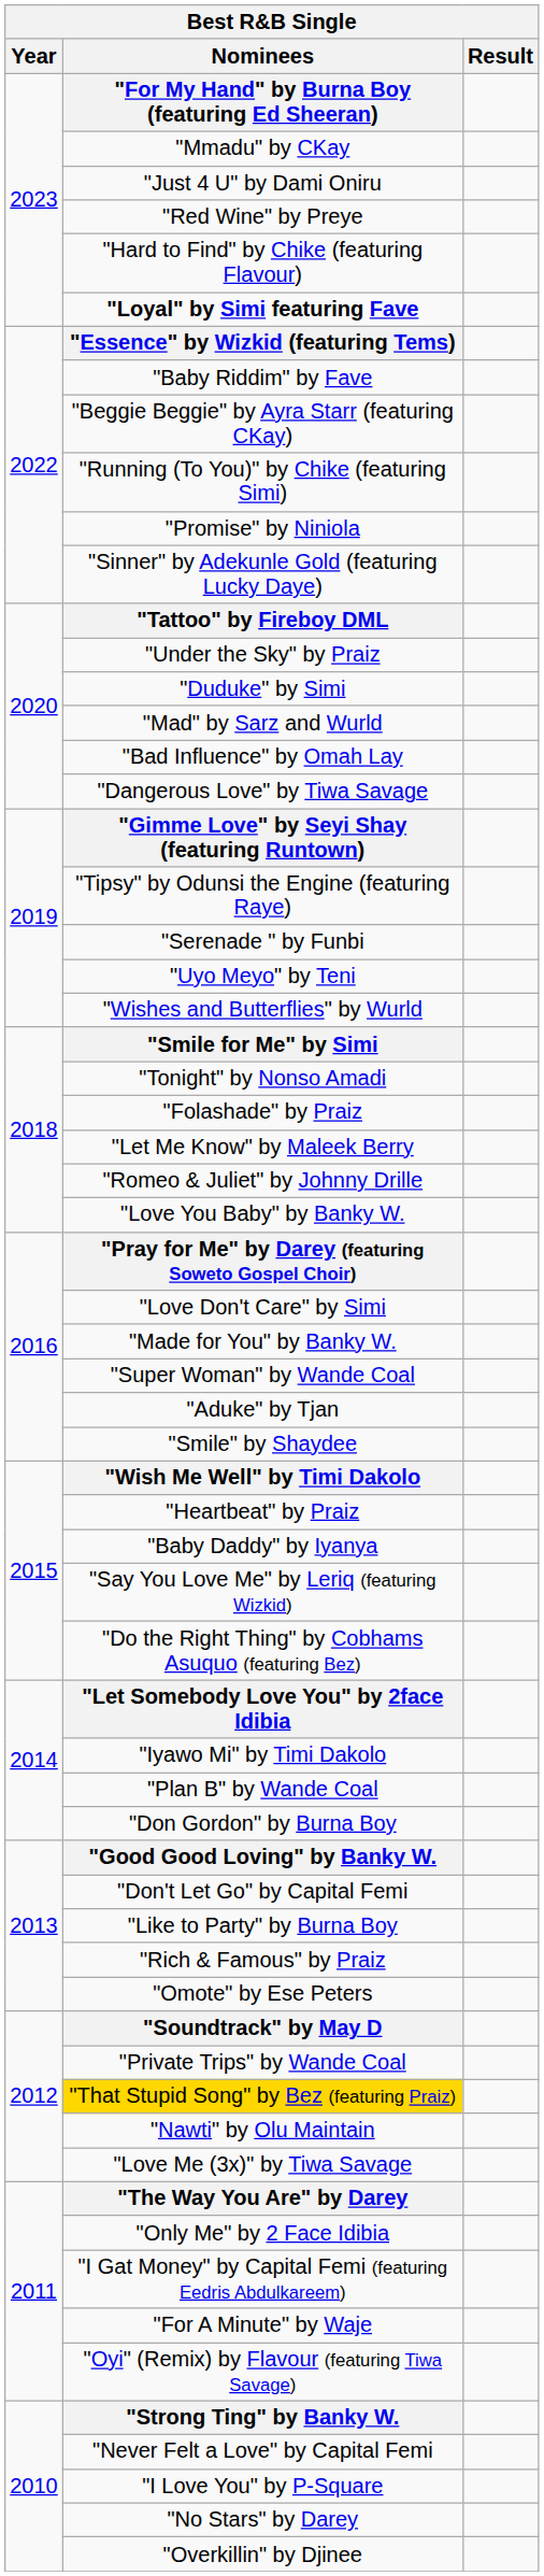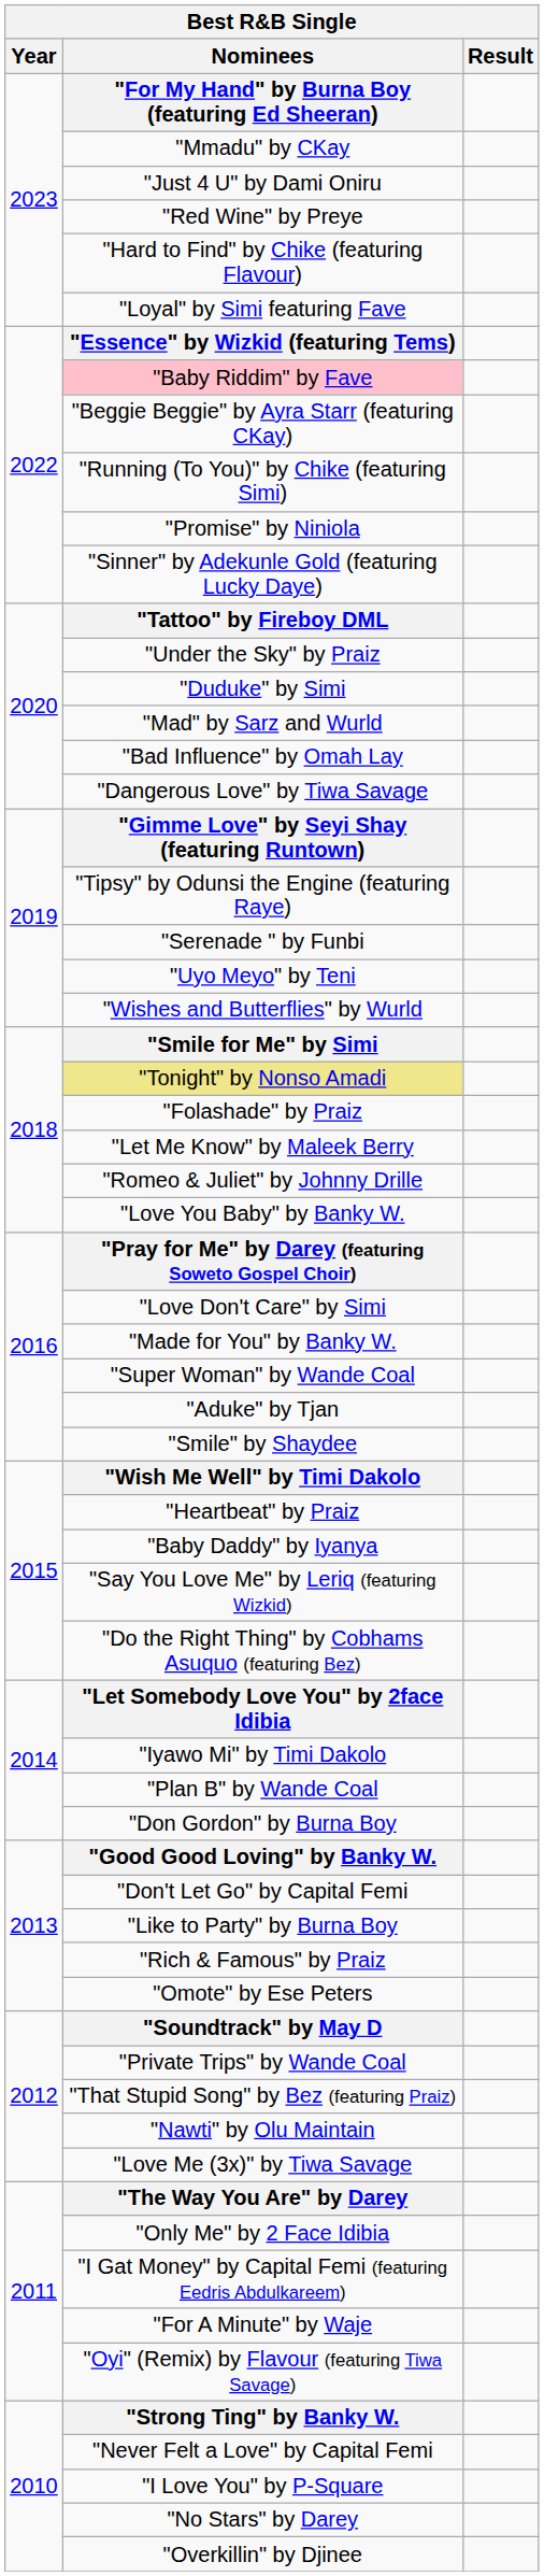 <table class="wikitable"  style="text-align:center; width:45%;">
 <tr>
 <th colspan="4">Best R&B Single</th>
 </tr>
 <tr>
 <th>Year</th>
 <th>Nominees</th>
 <th>Result</th>
 </tr>
 <tr>
 <td rowspan="6"><a href='#'>2023</a></td>
 <th>"<a href='#'>For My Hand</a>" by <a href='#'>Burna Boy</a> <span>(featuring <a href='#'>Ed Sheeran</a>)</span></th>
 <td></td>
 </tr>
 <tr>
 <td>"Mmadu" by <a href='#'>CKay</a></td>
 <td></td>
 </tr>
 <tr>
 <td>"Just 4 U" by Dami Oniru</td>
 <td></td>
 </tr>
 <tr>
 <td>"Red Wine" by Preye</td>
 <td></td>
 </tr>
 <tr>
 <td>"Hard to Find" by <a href='#'>Chike</a> <span>(featuring <a href='#'>Flavour</a>)</span></td>
 <td></td>
 </tr>
 <tr>
-<td><strong>"Loyal" by <a href='#'>Simi</a> featuring <a href='#'>Fave</a></strong></td>
+<td>"Loyal" by <a href='#'>Simi</a> featuring <a href='#'>Fave</a></td>
 <td></td>
 </tr>
 <tr>
 <td rowspan="6"><a href='#'>2022</a></td>
 <th>"<a href='#'>Essence</a>" by <a href='#'>Wizkid</a> <span>(featuring <a href='#'>Tems</a>)</span></th>
 <td></td>
 </tr>
 <tr>
-<td>"Baby Riddim" by <a href='#'>Fave</a></td>
+<td style="background: pink;">"Baby Riddim" by <a href='#'>Fave</a></td>
 <td></td>
 </tr>
 <tr>
 <td>"Beggie Beggie" by <a href='#'>Ayra Starr</a> <span>(featuring <a href='#'>CKay</a>)</span></td>
 <td></td>
 </tr>
 <tr>
 <td>"Running (To You)" by <a href='#'>Chike</a> <span>(featuring <a href='#'>Simi</a>)</span></td>
 <td></td>
 </tr>
 <tr>
 <td>"Promise" by <a href='#'>Niniola</a></td>
 <td></td>
 </tr>
 <tr>
 <td>"Sinner" by <a href='#'>Adekunle Gold</a> <span>(featuring <a href='#'>Lucky Daye</a>)</span></td>
 <td></td>
 </tr>
 <tr>
 <td rowspan="6"><a href='#'>2020</a></td>
 <th>"Tattoo" by <a href='#'>Fireboy DML</a></th>
 <td></td>
 </tr>
 <tr>
 <td>"Under the Sky" by <a href='#'>Praiz</a></td>
 <td></td>
 </tr>
 <tr>
 <td>"<a href='#'>Duduke</a>" by <a href='#'>Simi</a></td>
 <td></td>
 </tr>
 <tr>
 <td>"Mad" by <a href='#'>Sarz</a> and <a href='#'>Wurld</a></td>
 <td></td>
 </tr>
 <tr>
 <td>"Bad Influence" by <a href='#'>Omah Lay</a></td>
 <td></td>
 </tr>
 <tr>
 <td>"Dangerous Love" by <a href='#'>Tiwa Savage</a></td>
 <td></td>
 </tr>
 <tr>
 <td rowspan="5"><a href='#'>2019</a></td>
 <th>"<a href='#'>Gimme Love</a>" by <a href='#'>Seyi Shay</a> <span>(featuring <a href='#'>Runtown</a>)</span></th>
 <td></td>
 </tr>
 <tr>
 <td>"Tipsy" by Odunsi the Engine <span>(featuring <a href='#'>Raye</a>)</span></td>
 <td></td>
 </tr>
 <tr>
 <td>"Serenade " by Funbi</td>
 <td></td>
 </tr>
 <tr>
 <td>"<a href='#'>Uyo Meyo</a>" by <a href='#'>Teni</a></td>
 <td></td>
 </tr>
 <tr>
 <td>"<a href='#'>Wishes and Butterflies</a>" by <a href='#'>Wurld</a></td>
 <td></td>
 </tr>
 <tr>
 <td rowspan="6"><a href='#'>2018</a></td>
 <th>"Smile for Me" by <a href='#'>Simi</a></th>
 <td></td>
 </tr>
 <tr>
-<td>"Tonight" by <a href='#'>Nonso Amadi</a></td>
+<td style="background: khaki;">"Tonight" by <a href='#'>Nonso Amadi</a></td>
 <td></td>
 </tr>
 <tr>
 <td>"Folashade" by <a href='#'>Praiz</a></td>
 <td></td>
 </tr>
 <tr>
 <td>"Let Me Know" by <a href='#'>Maleek Berry</a></td>
 <td></td>
 </tr>
 <tr>
 <td>"Romeo & Juliet" by <a href='#'>Johnny Drille</a></td>
 <td></td>
 </tr>
 <tr>
 <td>"Love You Baby" by <a href='#'>Banky W.</a></td>
 <td></td>
 </tr>
 <tr>
 <td rowspan="6"><a href='#'>2016</a></td>
 <th>"Pray for Me" by <a href='#'>Darey</a> <small>(featuring <a href='#'>Soweto Gospel Choir</a>)</small></th>
 <td></td>
 </tr>
 <tr>
 <td>"Love Don't Care" by <a href='#'>Simi</a></td>
 <td></td>
 </tr>
 <tr>
 <td>"Made for You" by <a href='#'>Banky W.</a></td>
 <td></td>
 </tr>
 <tr>
 <td>"Super Woman" by <a href='#'>Wande Coal</a></td>
 <td></td>
 </tr>
 <tr>
 <td>"Aduke" by Tjan</td>
 <td></td>
 </tr>
 <tr>
 <td>"Smile" by <a href='#'>Shaydee</a></td>
 <td></td>
 </tr>
 <tr>
 <td rowspan="5"><a href='#'>2015</a></td>
 <th>"Wish Me Well" by <a href='#'>Timi Dakolo</a></th>
 <td></td>
 </tr>
 <tr>
 <td>"Heartbeat" by <a href='#'>Praiz</a></td>
 <td></td>
 </tr>
 <tr>
 <td>"Baby Daddy" by <a href='#'>Iyanya</a></td>
 <td></td>
 </tr>
 <tr>
 <td>"Say You Love Me" by <a href='#'>Leriq</a> <small>(featuring <a href='#'>Wizkid</a>)</small></td>
 <td></td>
 </tr>
 <tr>
 <td>"Do the Right Thing" by <a href='#'>Cobhams Asuquo</a> <small>(featuring <a href='#'>Bez</a>)</small></td>
 <td></td>
 </tr>
 <tr>
 <td rowspan="4"><a href='#'>2014</a></td>
 <th>"Let Somebody Love You" by <a href='#'>2face Idibia</a></th>
 <td></td>
 </tr>
 <tr>
 <td>"Iyawo Mi" by <a href='#'>Timi Dakolo</a></td>
 <td></td>
 </tr>
 <tr>
 <td>"Plan B" by <a href='#'>Wande Coal</a></td>
 <td></td>
 </tr>
 <tr>
 <td>"Don Gordon" by <a href='#'>Burna Boy</a></td>
 <td></td>
 </tr>
 <tr>
 <td rowspan="5"><a href='#'>2013</a></td>
 <th>"Good Good Loving" by <a href='#'>Banky W.</a></th>
 <td></td>
 </tr>
 <tr>
 <td>"Don't Let Go" by Capital Femi</td>
 <td></td>
 </tr>
 <tr>
 <td>"Like to Party" by <a href='#'>Burna Boy</a></td>
 <td></td>
 </tr>
 <tr>
 <td>"Rich & Famous" by <a href='#'>Praiz</a></td>
 <td></td>
 </tr>
 <tr>
 <td>"Omote" by Ese Peters</td>
 <td></td>
 </tr>
 <tr>
 <td rowspan="5"><a href='#'>2012</a></td>
 <th>"Soundtrack" by <a href='#'>May D</a></th>
 <td></td>
 </tr>
 <tr>
 <td>"Private Trips" by <a href='#'>Wande Coal</a></td>
 <td></td>
 </tr>
 <tr>
-<td style="background: gold;">"That Stupid Song" by <a href='#'>Bez</a> <small>(featuring <a href='#'>Praiz</a>)</small></td>
+<td>"That Stupid Song" by <a href='#'>Bez</a> <small>(featuring <a href='#'>Praiz</a>)</small></td>
 <td></td>
 </tr>
 <tr>
 <td>"<a href='#'>Nawti</a>" by <a href='#'>Olu Maintain</a></td>
 <td></td>
 </tr>
 <tr>
 <td>"Love Me (3x)" by <a href='#'>Tiwa Savage</a></td>
 <td></td>
 </tr>
 <tr>
 <td rowspan="5"><a href='#'>2011</a></td>
 <th>"The Way You Are" by <a href='#'>Darey</a></th>
 <td></td>
 </tr>
 <tr>
 <td>"Only Me" by <a href='#'>2 Face Idibia</a></td>
 <td></td>
 </tr>
 <tr>
 <td>"I Gat Money" by Capital Femi <small>(featuring <a href='#'>Eedris Abdulkareem</a>)</small></td>
 <td></td>
 </tr>
 <tr>
 <td>"For A Minute" by <a href='#'>Waje</a></td>
 <td></td>
 </tr>
 <tr>
 <td>"<a href='#'>Oyi</a>" (Remix) by <a href='#'>Flavour</a> <small>(featuring <a href='#'>Tiwa Savage</a>)</small></td>
 <td></td>
 </tr>
 <tr>
 <td rowspan="5"><a href='#'>2010</a></td>
 <th>"Strong Ting" by <a href='#'>Banky W.</a></th>
 <td></td>
 </tr>
 <tr>
 <td>"Never Felt a Love" by Capital Femi</td>
 <td></td>
 </tr>
 <tr>
 <td>"I Love You" by <a href='#'>P-Square</a></td>
 <td></td>
 </tr>
 <tr>
 <td>"No Stars" by <a href='#'>Darey</a></td>
 <td></td>
 </tr>
 <tr>
 <td>"Overkillin" by Djinee</td>
 <td></td>
 </tr>
 </table>
